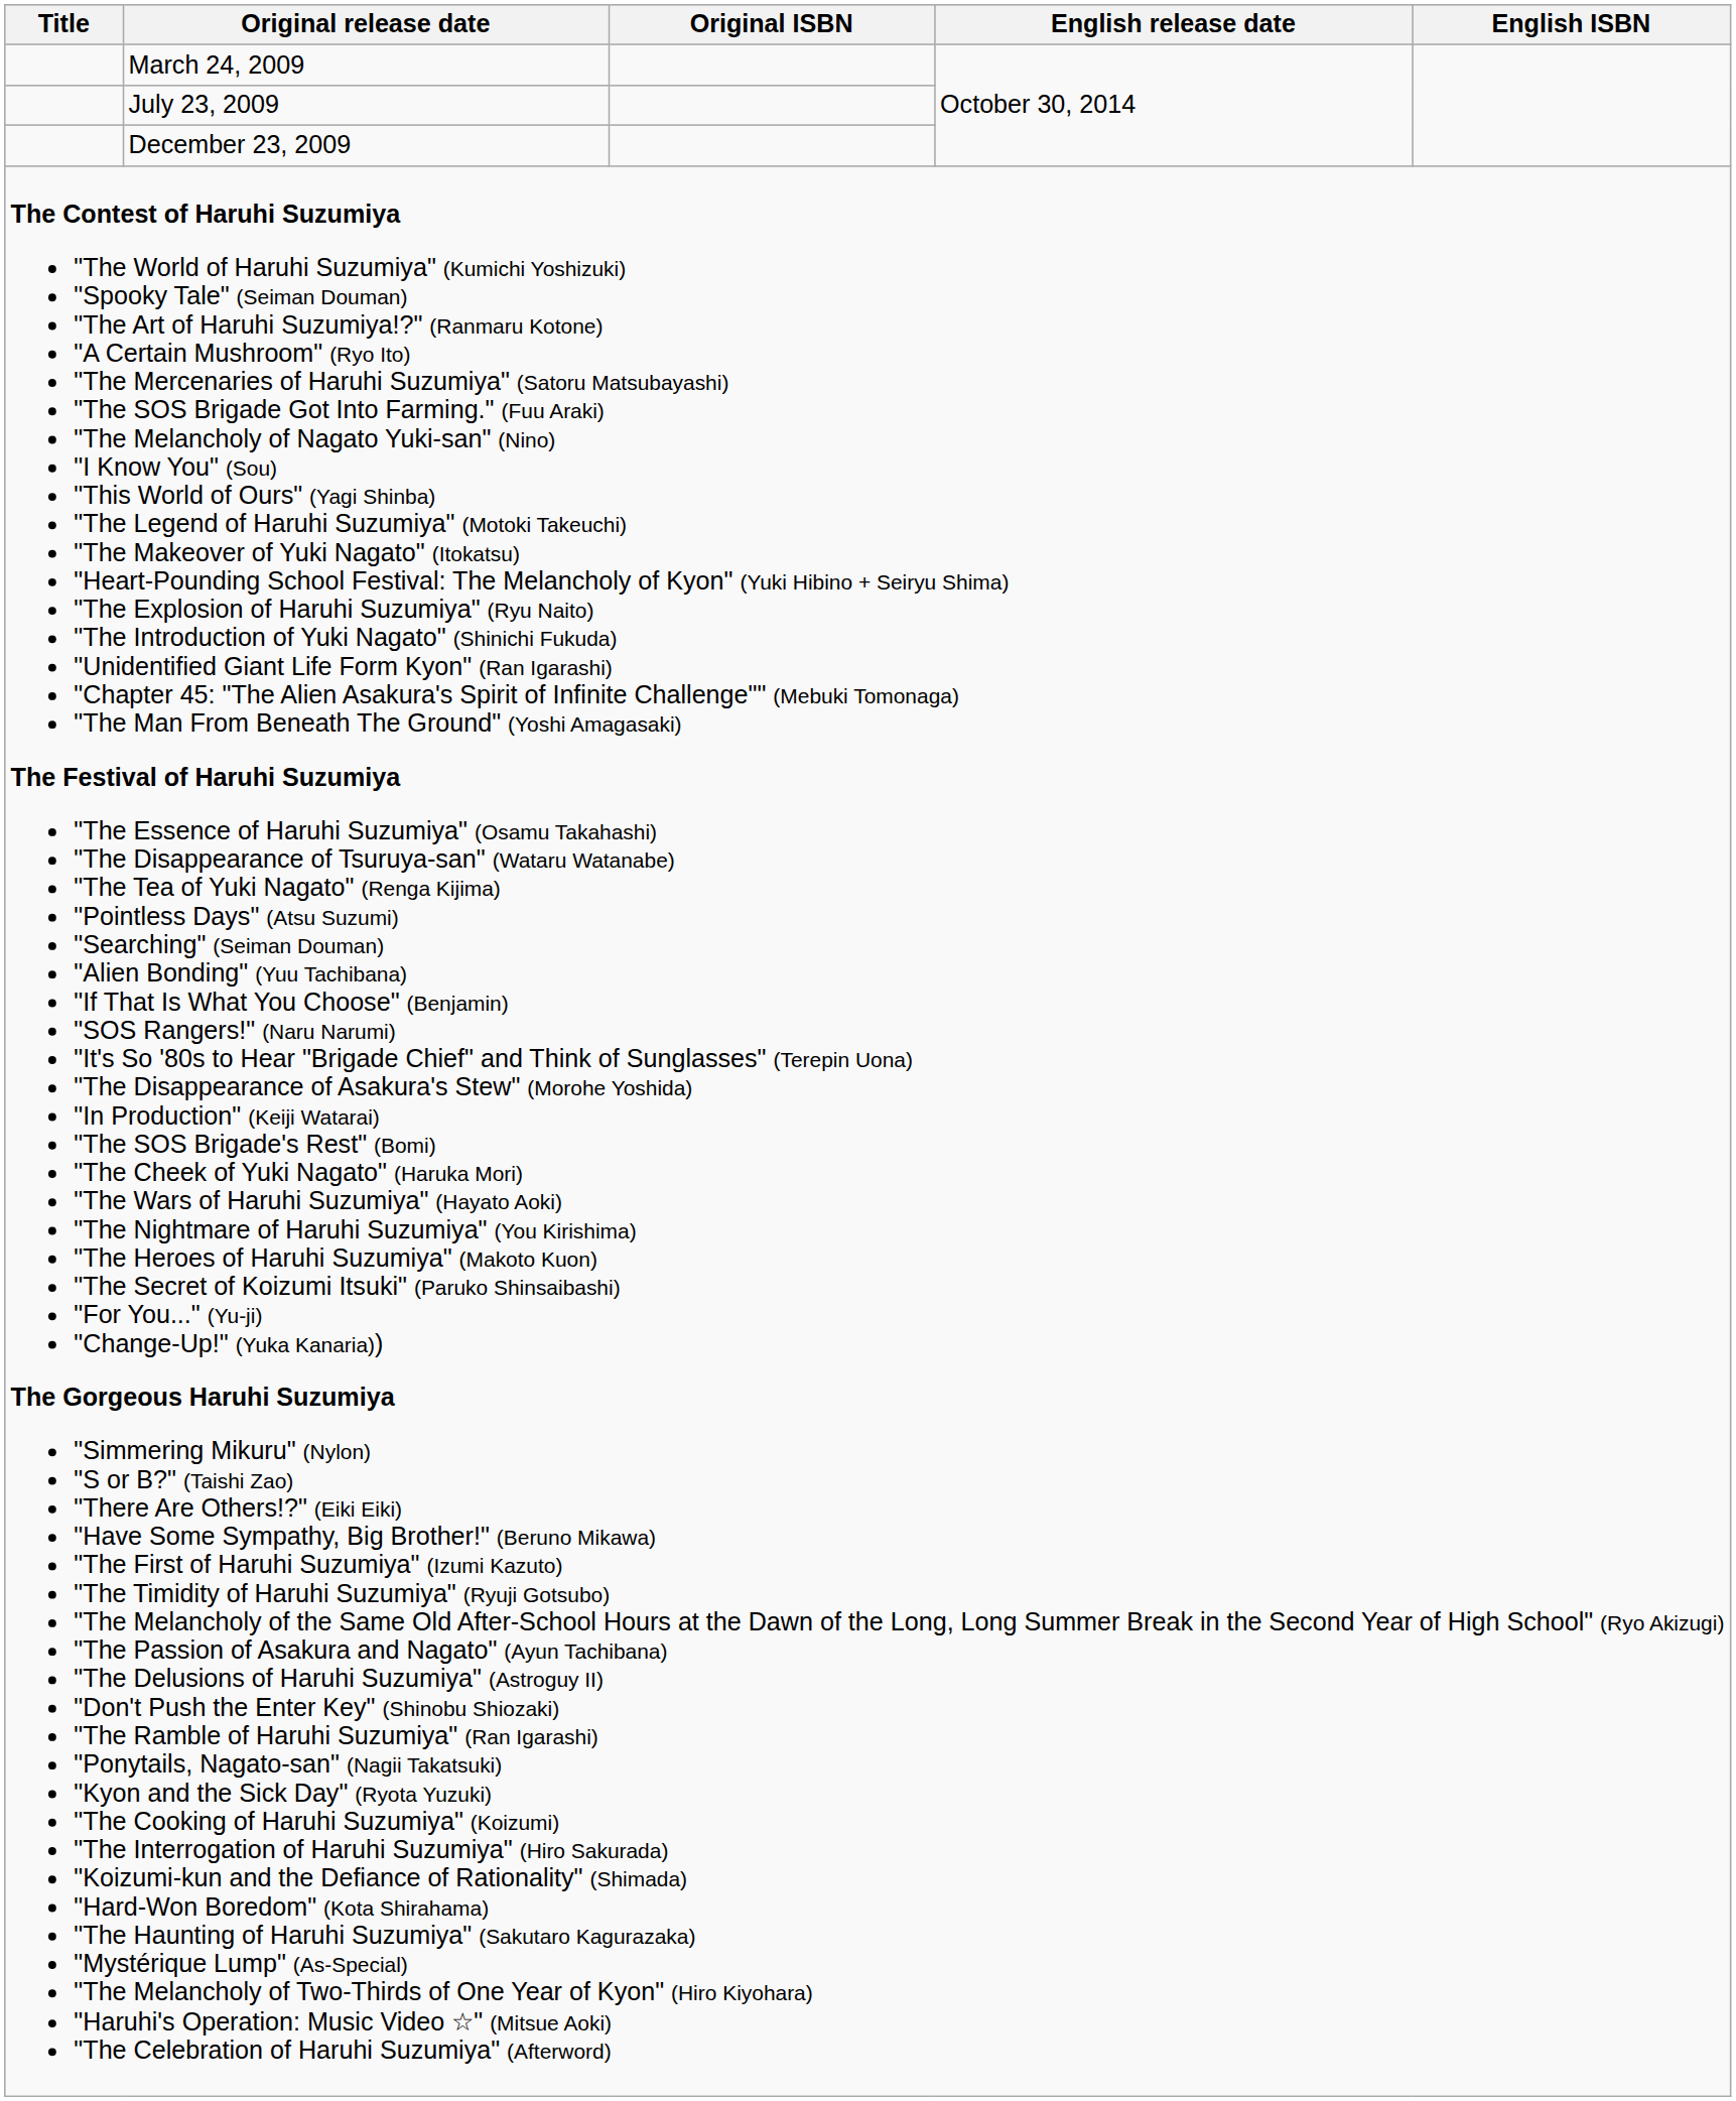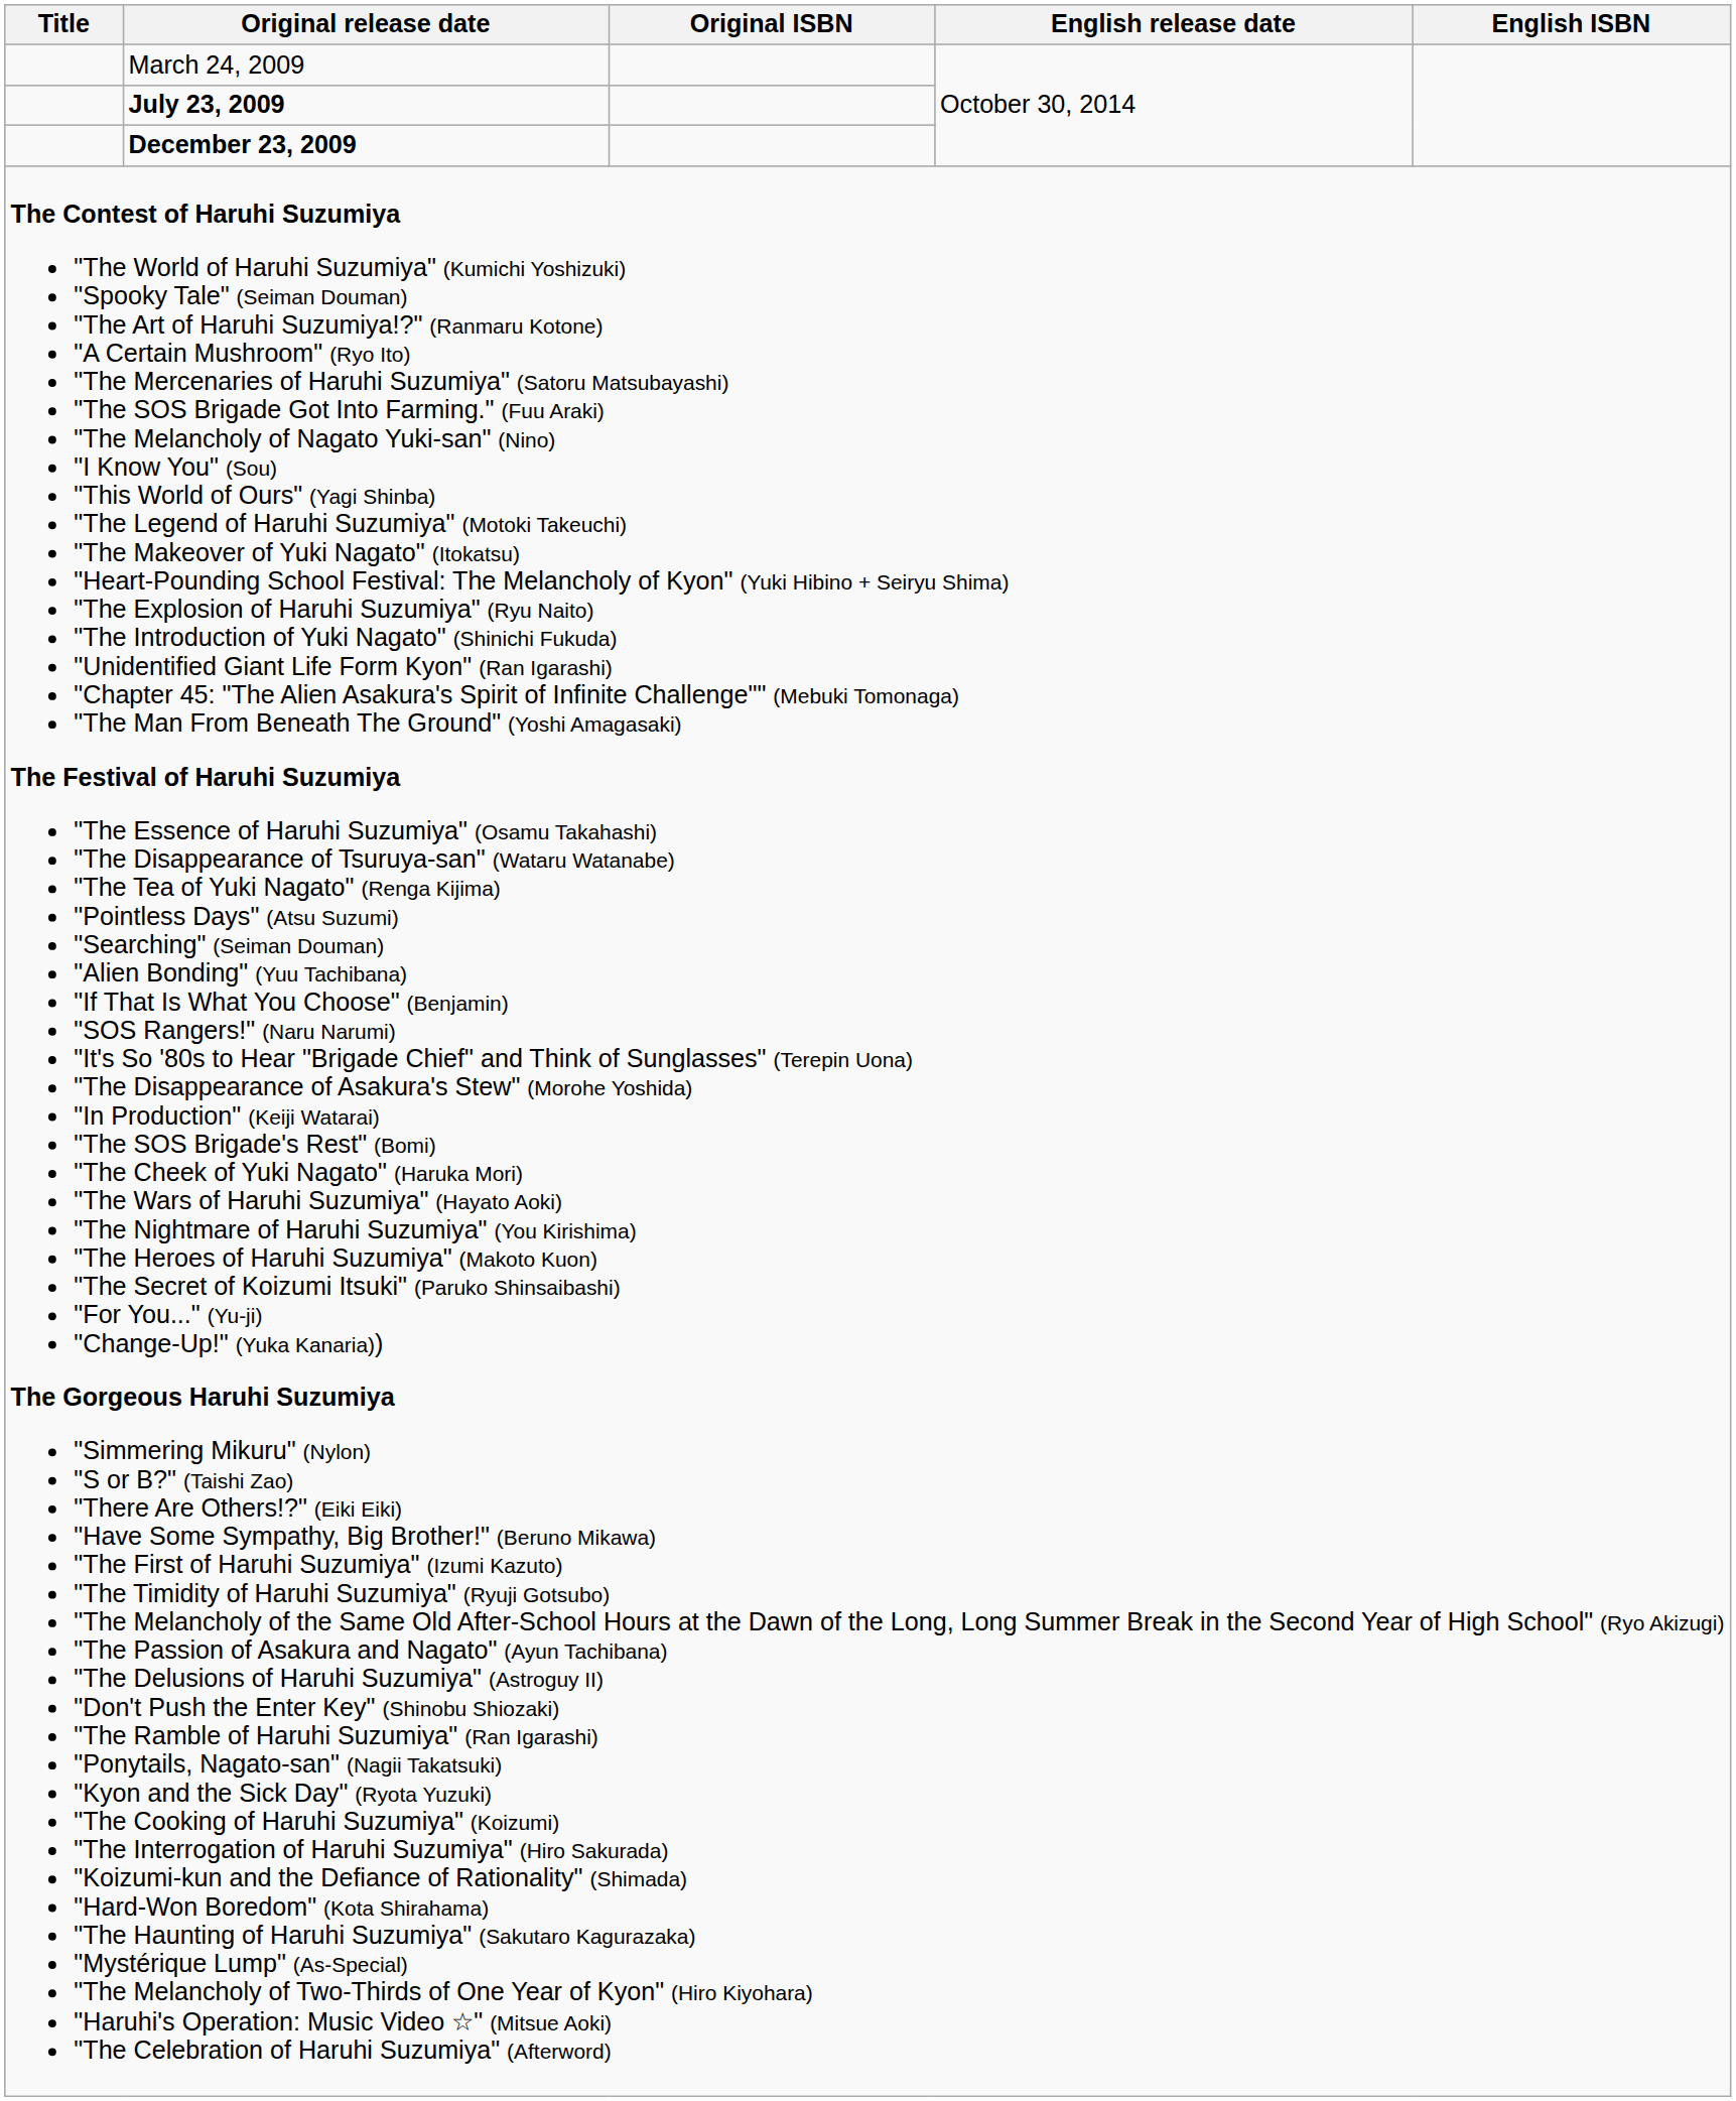 <table class="wikitable center">
 <tr>
 <th>Title</th>
 <th>Original release date</th>
 <th>Original ISBN</th>
 <th>English release date</th>
 <th>English ISBN</th>
 </tr>
 <tr>
 <td></td>
 <td>March 24, 2009</td>
 <td></td>
 <td rowspan="3">October 30, 2014</td>
 <td rowspan="3"></td>
 </tr>
 <tr>
 <td></td>
-<td>July 23, 2009</td>
+<td><strong>July 23, 2009</strong></td>
 <td></td>
 </tr>
 <tr>
 <td></td>
-<td>December 23, 2009</td>
+<td><strong>December 23, 2009</strong></td>
 <td></td>
 </tr>
 <tr>
 <td colspan=5><br><strong>The Contest of Haruhi Suzumiya</strong><ul><li>"The World of Haruhi Suzumiya" <small>(Kumichi Yoshizuki)</small></li><li>"Spooky Tale" <small>(Seiman Douman)</small></li><li>"The Art of Haruhi Suzumiya!?" <small>(Ranmaru Kotone)</small></li><li>"A Certain Mushroom" <small>(Ryo Ito)</small></li><li>"The Mercenaries of Haruhi Suzumiya" <small>(Satoru Matsubayashi)</small></li><li>"The SOS Brigade Got Into Farming." <small>(Fuu Araki)</small></li><li>"The Melancholy of Nagato Yuki-san" <small>(Nino)</small></li><li>"I Know You" <small>(Sou)</small></li><li>"This World of Ours" <small>(Yagi Shinba)</small></li><li>"The Legend of Haruhi Suzumiya" <small>(Motoki Takeuchi)</small></li><li>"The Makeover of Yuki Nagato" <small>(Itokatsu)</small></li><li>"Heart-Pounding School Festival: The Melancholy of Kyon" <small>(Yuki Hibino + Seiryu Shima)</small></li><li>"The Explosion of Haruhi Suzumiya" <small>(Ryu Naito)</small></li><li>"The Introduction of Yuki Nagato" <small>(Shinichi Fukuda)</small></li><li>"Unidentified Giant Life Form Kyon" <small>(Ran Igarashi)</small></li><li>"Chapter 45: "The Alien Asakura's Spirit of Infinite Challenge"" <small>(Mebuki Tomonaga)</small></li><li>"The Man From Beneath The Ground" <small>(Yoshi Amagasaki)</small></li></ul><strong>The Festival of Haruhi Suzumiya</strong><ul><li>"The Essence of Haruhi Suzumiya" <small>(Osamu Takahashi)</small></li><li>"The Disappearance of Tsuruya-san" <small>(Wataru Watanabe)</small></li><li>"The Tea of Yuki Nagato" <small>(Renga Kijima)</small></li><li>"Pointless Days" <small>(Atsu Suzumi)</small></li><li>"Searching" <small>(Seiman Douman)</small></li><li>"Alien Bonding" <small>(Yuu Tachibana)</small></li><li>"If That Is What You Choose" <small>(Benjamin)</small></li><li>"SOS Rangers!" <small>(Naru Narumi)</small></li><li>"It's So '80s to Hear "Brigade Chief" and Think of Sunglasses" <small>(Terepin Uona)</small></li><li>"The Disappearance of Asakura's Stew" <small>(Morohe Yoshida)</small></li><li>"In Production" <small>(Keiji Watarai)</small></li><li>"The SOS Brigade's Rest" <small>(Bomi)</small></li><li>"The Cheek of Yuki Nagato" <small>(Haruka Mori)</small></li><li>"The Wars of Haruhi Suzumiya" <small>(Hayato Aoki)</small></li><li>"The Nightmare of Haruhi Suzumiya" <small>(You Kirishima)</small></li><li>"The Heroes of Haruhi Suzumiya" <small>(Makoto Kuon)</small></li><li>"The Secret of Koizumi Itsuki" <small>(Paruko Shinsaibashi)</small></li><li>"For You..." <small>(Yu-ji)</small></li><li>"Change-Up!" <small>(Yuka Kanaria)</small>)</li></ul><strong>The Gorgeous Haruhi Suzumiya</strong><ul><li>"Simmering Mikuru" <small>(Nylon)</small></li><li>"S or B?" <small>(Taishi Zao)</small></li><li>"There Are Others!?" <small>(Eiki Eiki)</small></li><li>"Have Some Sympathy, Big Brother!" <small>(Beruno Mikawa)</small></li><li>"The First of Haruhi Suzumiya" <small>(Izumi Kazuto)</small></li><li>"The Timidity of Haruhi Suzumiya" <small>(Ryuji Gotsubo)</small></li><li>"The Melancholy of the Same Old After-School Hours at the Dawn of the Long, Long Summer Break in the Second Year of High School" <small>(Ryo Akizugi)</small></li><li>"The Passion of Asakura and Nagato" <small>(Ayun Tachibana)</small></li><li>"The Delusions of Haruhi Suzumiya" <small>(Astroguy II)</small></li><li>"Don't Push the Enter Key" <small>(Shinobu Shiozaki)</small></li><li>"The Ramble of Haruhi Suzumiya" <small>(Ran Igarashi)</small></li><li>"Ponytails, Nagato-san" <small>(Nagii Takatsuki)</small></li><li>"Kyon and the Sick Day" <small>(Ryota Yuzuki)</small></li><li>"The Cooking of Haruhi Suzumiya" <small>(Koizumi)</small></li><li>"The Interrogation of Haruhi Suzumiya" <small>(Hiro Sakurada)</small></li><li>"Koizumi-kun and the Defiance of Rationality" <small>(Shimada)</small></li><li>"Hard-Won Boredom" <small>(Kota Shirahama)</small></li><li>"The Haunting of Haruhi Suzumiya" <small>(Sakutaro Kagurazaka)</small></li><li>"Mystérique Lump" <small>(As-Special)</small></li><li>"The Melancholy of Two-Thirds of One Year of Kyon" <small>(Hiro Kiyohara)</small></li><li>"Haruhi's Operation: Music Video ☆" <small>(Mitsue Aoki)</small></li><li>"The Celebration of Haruhi Suzumiya" <small>(Afterword)</small></li></ul></td>
 </tr>
 </table>
